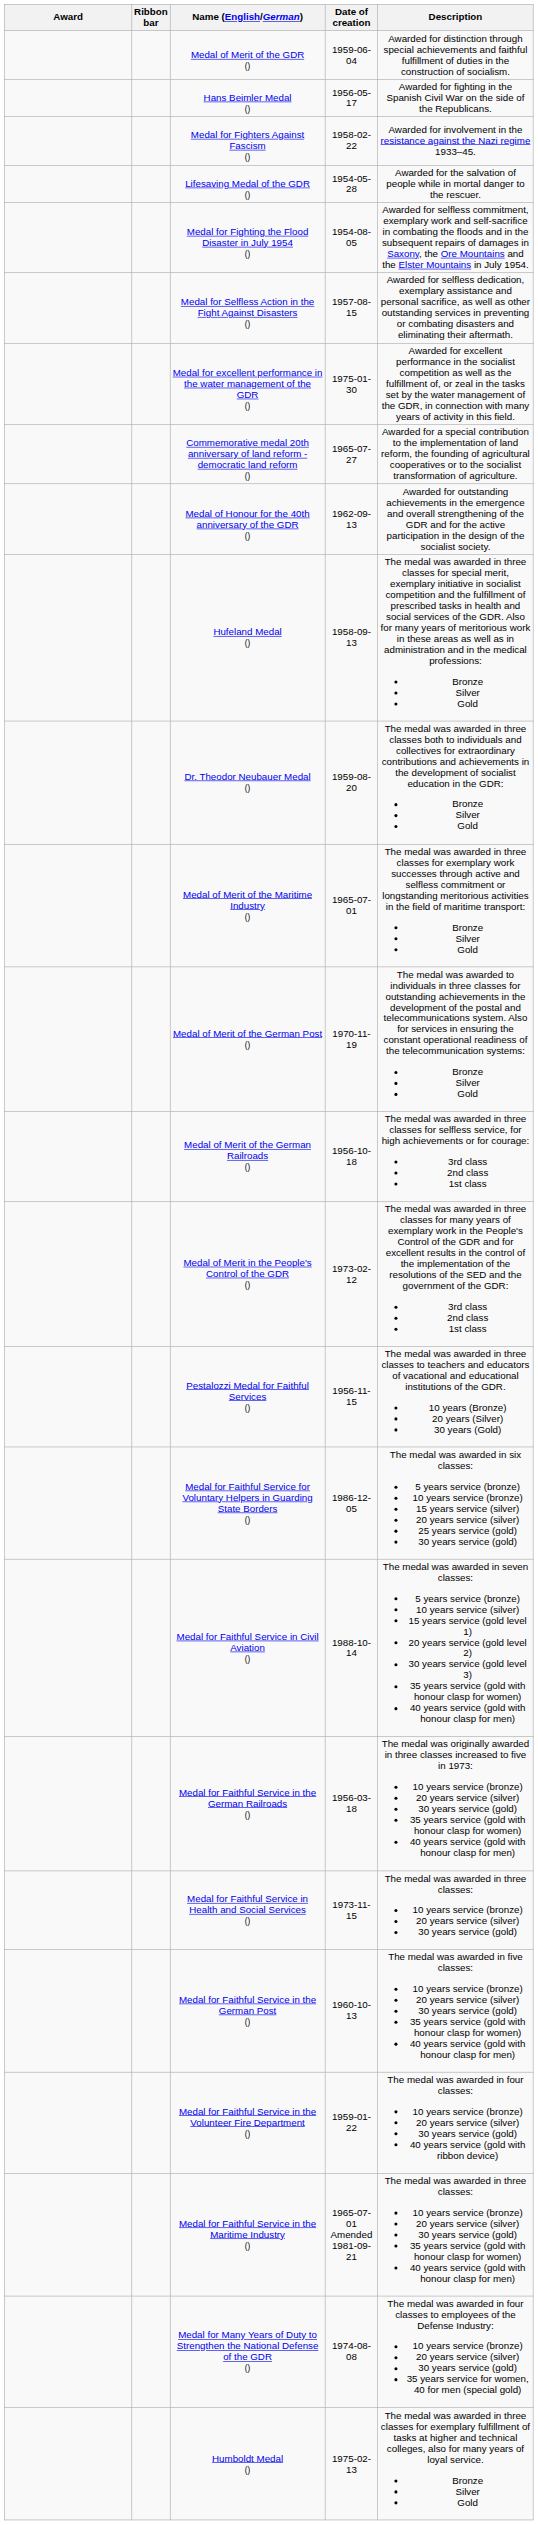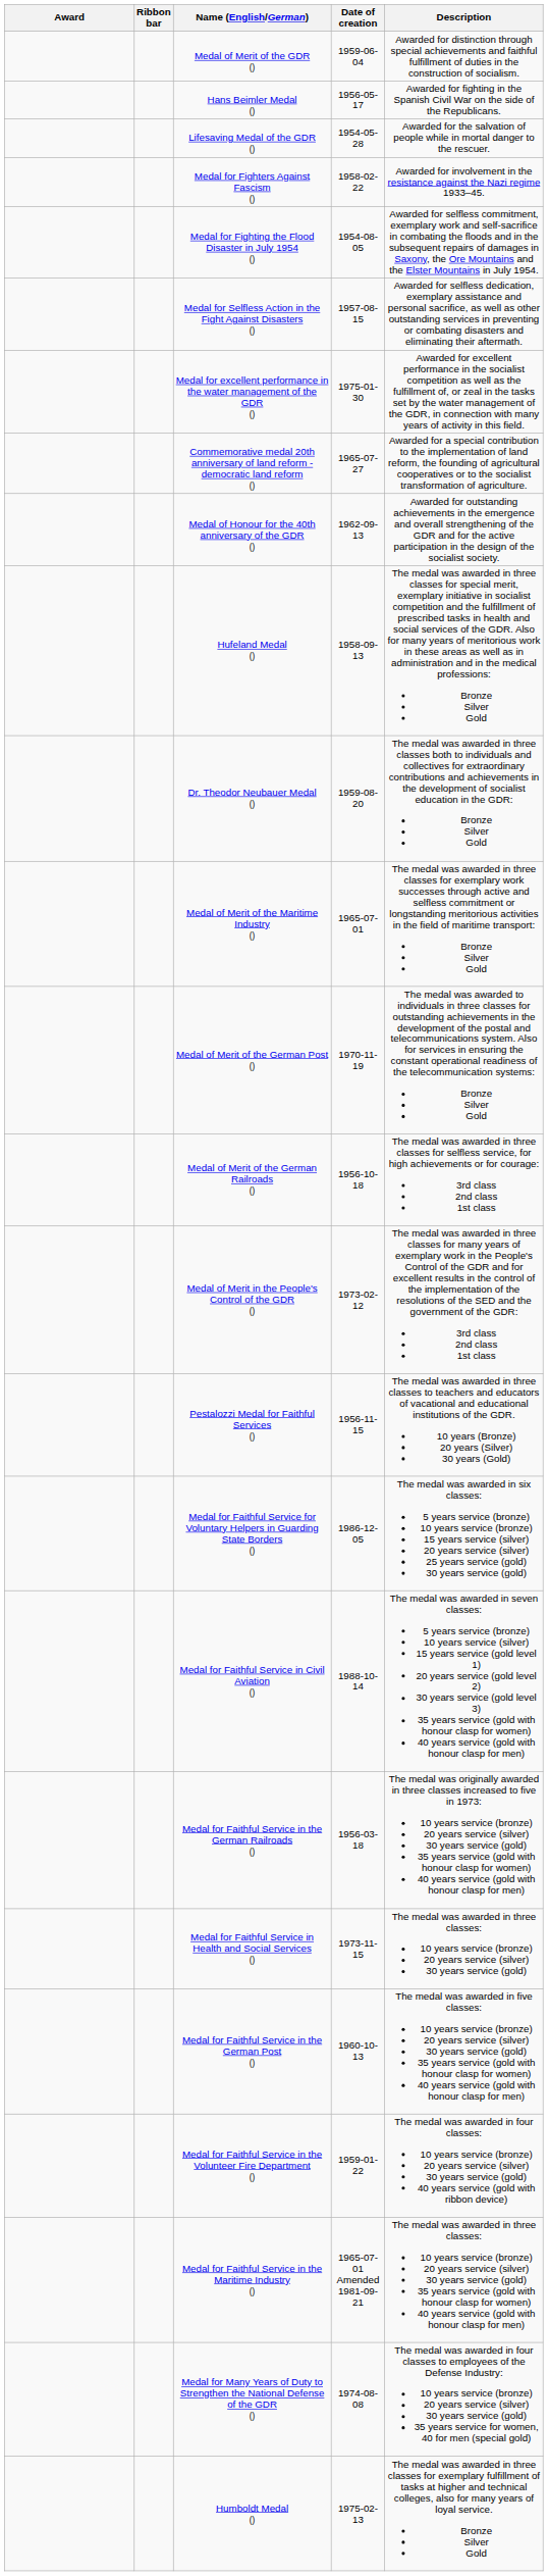 <table class="wikitable sortable" style="text-align:center">
 <tr>
 <th style="width:25%">Award</th>
 <th style="width:5%">Ribbon<br>bar</th>
 <th style="width:30%">Name (<a href='#'>English</a>/<em><a href='#'>German</a></em>)</th>
 <th style="width:10%">Date of<br>creation</th>
 <th style="width:30%">Description</th>
 </tr>
 <tr>
 <td></td>
 <td></td>
 <td><br><a href='#'>Medal of Merit of the GDR</a><br><small>()</small></td>
 <td>1959-06-04</td>
 <td>Awarded for distinction through special achievements and faithful fulfillment of duties in the construction of socialism.</td>
 </tr>
 <tr>
 <td></td>
 <td></td>
 <td><br><a href='#'>Hans Beimler Medal</a><br><small>()</small></td>
 <td>1956-05-17</td>
 <td>Awarded for fighting in the Spanish Civil War on the side of the Republicans.</td>
 </tr>
 <tr>
 <td></td>
 <td></td>
-<td><br><a href='#'>Medal for Fighters Against Fascism</a><br><small>()</small></td>
-<td>1958-02-22</td>
-<td>Awarded for involvement in the <a href='#'>resistance against the Nazi regime</a> 1933–45.</td>
+<td><br><a href='#'>Lifesaving Medal of the GDR</a><br><small>()</small></td>
+<td>1954-05-28</td>
+<td>Awarded for the salvation of people while in mortal danger to the rescuer.</td>
 </tr>
 <tr>
 <td></td>
 <td></td>
-<td><br><a href='#'>Lifesaving Medal of the GDR</a><br><small>()</small></td>
-<td>1954-05-28</td>
-<td>Awarded for the salvation of people while in mortal danger to the rescuer.</td>
+<td><br><a href='#'>Medal for Fighters Against Fascism</a><br><small>()</small></td>
+<td>1958-02-22</td>
+<td>Awarded for involvement in the <a href='#'>resistance against the Nazi regime</a> 1933–45.</td>
 </tr>
 <tr>
 <td></td>
 <td></td>
 <td><br><a href='#'>Medal for Fighting the Flood Disaster in July 1954</a><br><small>()</small></td>
 <td>1954-08-05</td>
 <td>Awarded for selfless commitment, exemplary work and self-sacrifice in combating the floods and in the subsequent repairs of damages in <a href='#'>Saxony</a>, the <a href='#'>Ore Mountains</a> and the <a href='#'>Elster Mountains</a> in July 1954.</td>
 </tr>
 <tr>
 <td></td>
 <td></td>
 <td><br><a href='#'>Medal for Selfless Action in the Fight Against Disasters</a><br><small>()</small></td>
 <td>1957-08-15</td>
 <td>Awarded for selfless dedication, exemplary assistance and personal sacrifice, as well as other outstanding services in preventing or combating disasters and eliminating their aftermath.</td>
 </tr>
 <tr>
 <td></td>
 <td></td>
 <td><br><a href='#'>Medal for excellent performance in the water management of the GDR</a><br><small>()</small></td>
 <td>1975-01-30</td>
 <td>Awarded for excellent performance in the socialist competition as well as the fulfillment of, or zeal in the tasks set by the water management of the GDR, in connection with many years of activity in this field.</td>
 </tr>
 <tr>
 <td></td>
 <td></td>
 <td><br><a href='#'>Commemorative medal 20th anniversary of land reform - democratic land reform</a><br><small>()</small></td>
 <td>1965-07-27</td>
 <td>Awarded for a special contribution to the implementation of land reform, the founding of agricultural cooperatives or to the socialist transformation of agriculture.</td>
 </tr>
 <tr>
 <td></td>
 <td><br></td>
 <td><br><a href='#'>Medal of Honour for the 40th anniversary of the GDR</a><br><small>()</small></td>
 <td>1962-09-13</td>
 <td>Awarded for outstanding achievements in the emergence and overall strengthening of the GDR and for the active participation in the design of the socialist society.</td>
 </tr>
 <tr>
 <td></td>
 <td><br><br> <br> <br></td>
 <td><a href='#'>Hufeland Medal</a><br><small>()</small></td>
 <td>1958-09-13</td>
 <td>The medal was awarded in three classes for special merit, exemplary initiative in socialist competition and the fulfillment of prescribed tasks in health and social services of the GDR. Also for many years of meritorious work in these areas as well as in administration and in the medical professions:<br><ul><li>Bronze</li><li>Silver</li><li>Gold</li></ul></td>
 </tr>
 <tr>
 <td></td>
 <td><br><br> <br> <br></td>
 <td><a href='#'>Dr. Theodor Neubauer Medal</a><br><small>()</small></td>
 <td>1959-08-20</td>
 <td>The medal was awarded in three classes both to individuals and collectives for extraordinary contributions and achievements in the development of socialist education in the GDR:<br><ul><li>Bronze</li><li>Silver</li><li>Gold</li></ul></td>
 </tr>
 <tr>
 <td></td>
 <td><br><br> <br> <br></td>
 <td><a href='#'>Medal of Merit of the Maritime Industry</a><br><small>()</small></td>
 <td>1965-07-01</td>
 <td>The medal was awarded in three classes for exemplary work successes through active and selfless commitment or longstanding meritorious activities in the field of maritime transport:<br><ul><li>Bronze</li><li>Silver</li><li>Gold</li></ul></td>
 </tr>
 <tr>
 <td></td>
 <td><br><br> <br> <br></td>
 <td><a href='#'>Medal of Merit of the German Post</a><br><small>()</small></td>
 <td>1970-11-19</td>
 <td>The medal was awarded to individuals in three classes for outstanding achievements in the development of the postal and telecommunications system. Also for services in ensuring the constant operational readiness of the telecommunication systems:<br><ul><li>Bronze</li><li>Silver</li><li>Gold</li></ul></td>
 </tr>
 <tr>
 <td></td>
 <td><br><br> <br> <br></td>
 <td><a href='#'>Medal of Merit of the German Railroads</a><br><small>()</small></td>
 <td>1956-10-18</td>
 <td>The medal was awarded in three classes for selfless service, for high achievements or for courage:<br><ul><li>3rd class</li><li>2nd class</li><li>1st class</li></ul></td>
 </tr>
 <tr>
 <td><br></td>
 <td><br><br> <br> <br></td>
 <td><a href='#'>Medal of Merit in the People's Control of the GDR</a><br><small>()</small></td>
 <td>1973-02-12</td>
 <td>The medal was awarded in three classes for many years of exemplary work in the People's Control of the GDR and for excellent results in the control of the implementation of the resolutions of the SED and the government of the GDR:<br><ul><li>3rd class</li><li>2nd class</li><li>1st class</li></ul></td>
 </tr>
 <tr>
 <td></td>
 <td><br><br> <br> <br></td>
 <td><a href='#'>Pestalozzi Medal for Faithful Services</a><br><small>()</small></td>
 <td>1956-11-15</td>
 <td>The medal was awarded in three classes to teachers and educators of vacational and educational institutions of the GDR.<br><ul><li>10 years (Bronze)</li><li>20 years (Silver)</li><li>30 years (Gold)</li></ul></td>
 </tr>
 <tr>
 <td></td>
 <td><br><br> <br> <br> <br> <br> </td>
 <td><a href='#'>Medal for Faithful Service for Voluntary Helpers in Guarding State Borders</a><br><small>()</small></td>
 <td>1986-12-05</td>
 <td>The medal was awarded in six classes:<br><ul><li>5 years service (bronze)</li><li>10 years service (bronze)</li><li>15 years service (silver)</li><li>20 years service (silver)</li><li>25 years service (gold)</li><li>30 years service (gold)</li></ul></td>
 </tr>
 <tr>
 <td><br></td>
 <td><br><br> <br> <br> <br> <br> <br></td>
 <td><a href='#'>Medal for Faithful Service in Civil Aviation</a><br><small>()</small></td>
 <td>1988-10-14</td>
 <td>The medal was awarded in seven classes:<br><ul><li>5 years service (bronze)</li><li>10 years service (silver)</li><li>15 years service (gold level 1)</li><li>20 years service (gold level 2)</li><li>30 years service (gold level 3)</li><li>35 years service (gold with honour clasp for women)</li><li>40 years service (gold with honour clasp for men)</li></ul></td>
 </tr>
 <tr>
 <td><br></td>
 <td><br><br> <br> <br> <br></td>
 <td><a href='#'>Medal for Faithful Service in the German Railroads</a><br><small>()</small></td>
 <td>1956-03-18</td>
 <td>The medal was originally awarded in three classes increased to five in 1973:<br><ul><li>10 years service (bronze)</li><li>20 years service (silver)</li><li>30 years service (gold)</li><li>35 years service (gold with honour clasp for women)</li><li>40 years service (gold with honour clasp for men)</li></ul></td>
 </tr>
 <tr>
 <td></td>
 <td><br><br> <br> <br></td>
 <td><a href='#'>Medal for Faithful Service in Health and Social Services</a><br><small>()</small></td>
 <td>1973-11-15</td>
 <td>The medal was awarded in three classes:<br><ul><li>10 years service (bronze)</li><li>20 years service (silver)</li><li>30 years service (gold)</li></ul></td>
 </tr>
 <tr>
 <td></td>
 <td><br><br> <br> <br> <br></td>
 <td><a href='#'>Medal for Faithful Service in the German Post</a><br><small>()</small></td>
 <td>1960-10-13</td>
 <td>The medal was awarded in five classes:<br><ul><li>10 years service (bronze)</li><li>20 years service (silver)</li><li>30 years service (gold)</li><li>35 years service (gold with honour clasp for women)</li><li>40 years service (gold with honour clasp for men)</li></ul></td>
 </tr>
 <tr>
 <td></td>
 <td><br><br> <br> <br> <br></td>
 <td><a href='#'>Medal for Faithful Service in the Volunteer Fire Department</a><br><small>()</small></td>
 <td>1959-01-22</td>
 <td>The medal was awarded in four classes:<br><ul><li>10 years service (bronze)</li><li>20 years service (silver)</li><li>30 years service (gold)</li><li>40 years service (gold with ribbon device)</li></ul></td>
 </tr>
 <tr>
 <td><br></td>
 <td><br><br> <br> <br></td>
 <td><a href='#'>Medal for Faithful Service in the Maritime Industry</a><br><small>()</small></td>
 <td>1965-07-01<br>Amended 1981-09-21</td>
 <td>The medal was awarded in three classes:<br><ul><li>10 years service (bronze)</li><li>20 years service (silver)</li><li>30 years service (gold)</li><li>35 years service (gold with honour clasp for women)</li><li>40 years service (gold with honour clasp for men)</li></ul></td>
 </tr>
 <tr>
 <td></td>
 <td><br><br> <br> <br> <br></td>
 <td><a href='#'>Medal for Many Years of Duty to Strengthen the National Defense of the GDR</a><br><small>()</small></td>
 <td>1974-08-08</td>
 <td>The medal was awarded in four classes to employees of the Defense Industry:<br><ul><li>10 years service (bronze)</li><li>20 years service (silver)</li><li>30 years service (gold)</li><li>35 years service for women, 40 for men (special gold)</li></ul></td>
 </tr>
 <tr>
 <td></td>
 <td><br><br> <br> <br></td>
 <td><a href='#'>Humboldt Medal</a><br><small>()</small></td>
 <td>1975-02-13</td>
 <td>The medal was awarded in three classes for exemplary fulfillment of tasks at higher and technical colleges, also for many years of loyal service.<br><ul><li>Bronze</li><li>Silver</li><li>Gold</li></ul></td>
 </tr>
 </table>
